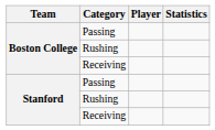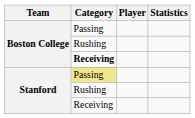 <table class="wikitable" style="float:right">
 <tr>
 <th>Team</th>
 <th>Category</th>
 <th>Player</th>
 <th>Statistics</th>
 </tr>
 <tr>
 <th rowspan=3>Boston College</th>
 <td>Passing</td>
 <td></td>
 <td></td>
 </tr>
 <tr>
 <td>Rushing</td>
 <td></td>
 <td></td>
 </tr>
 <tr>
-<td>Receiving</td>
+<td><strong>Receiving</strong></td>
 <td></td>
 <td></td>
 </tr>
 <tr>
 <th rowspan=3>Stanford</th>
-<td>Passing</td>
+<td style="background: khaki;">Passing</td>
 <td></td>
 <td></td>
 </tr>
 <tr>
 <td>Rushing</td>
 <td></td>
 <td></td>
 </tr>
 <tr>
 <td>Receiving</td>
 <td></td>
 <td></td>
 </tr>
 </table>
